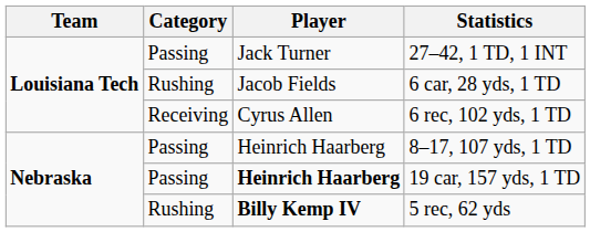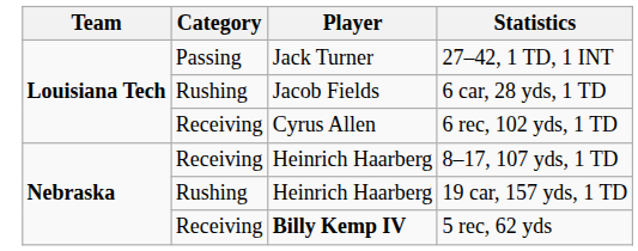 <table class="wikitable" style="float: right;">
 <tr>
 <th>Team</th>
 <th>Category</th>
 <th>Player</th>
 <th>Statistics</th>
 </tr>
 <tr>
 <td rowspan=3><strong>Louisiana Tech</strong></td>
 <td>Passing</td>
 <td>Jack Turner</td>
 <td>27–42, 1 TD, 1 INT</td>
 </tr>
 <tr>
 <td>Rushing</td>
 <td>Jacob Fields</td>
 <td>6 car, 28 yds, 1 TD</td>
 </tr>
 <tr>
 <td>Receiving</td>
 <td>Cyrus Allen</td>
 <td>6 rec, 102 yds, 1 TD</td>
 </tr>
 <tr>
 <td rowspan=3><strong>Nebraska</strong></td>
-<td>Passing</td>
+<td>Receiving</td>
 <td>Heinrich Haarberg</td>
 <td>8–17, 107 yds, 1 TD</td>
 </tr>
 <tr>
-<td>Passing</td>
-<td><strong>Heinrich Haarberg</strong></td>
+<td>Rushing</td>
+<td>Heinrich Haarberg</td>
 <td>19 car, 157 yds, 1 TD</td>
 </tr>
 <tr>
-<td>Rushing</td>
+<td>Receiving</td>
 <td><strong>Billy Kemp IV</strong></td>
 <td>5 rec, 62 yds</td>
 </tr>
 </table>
